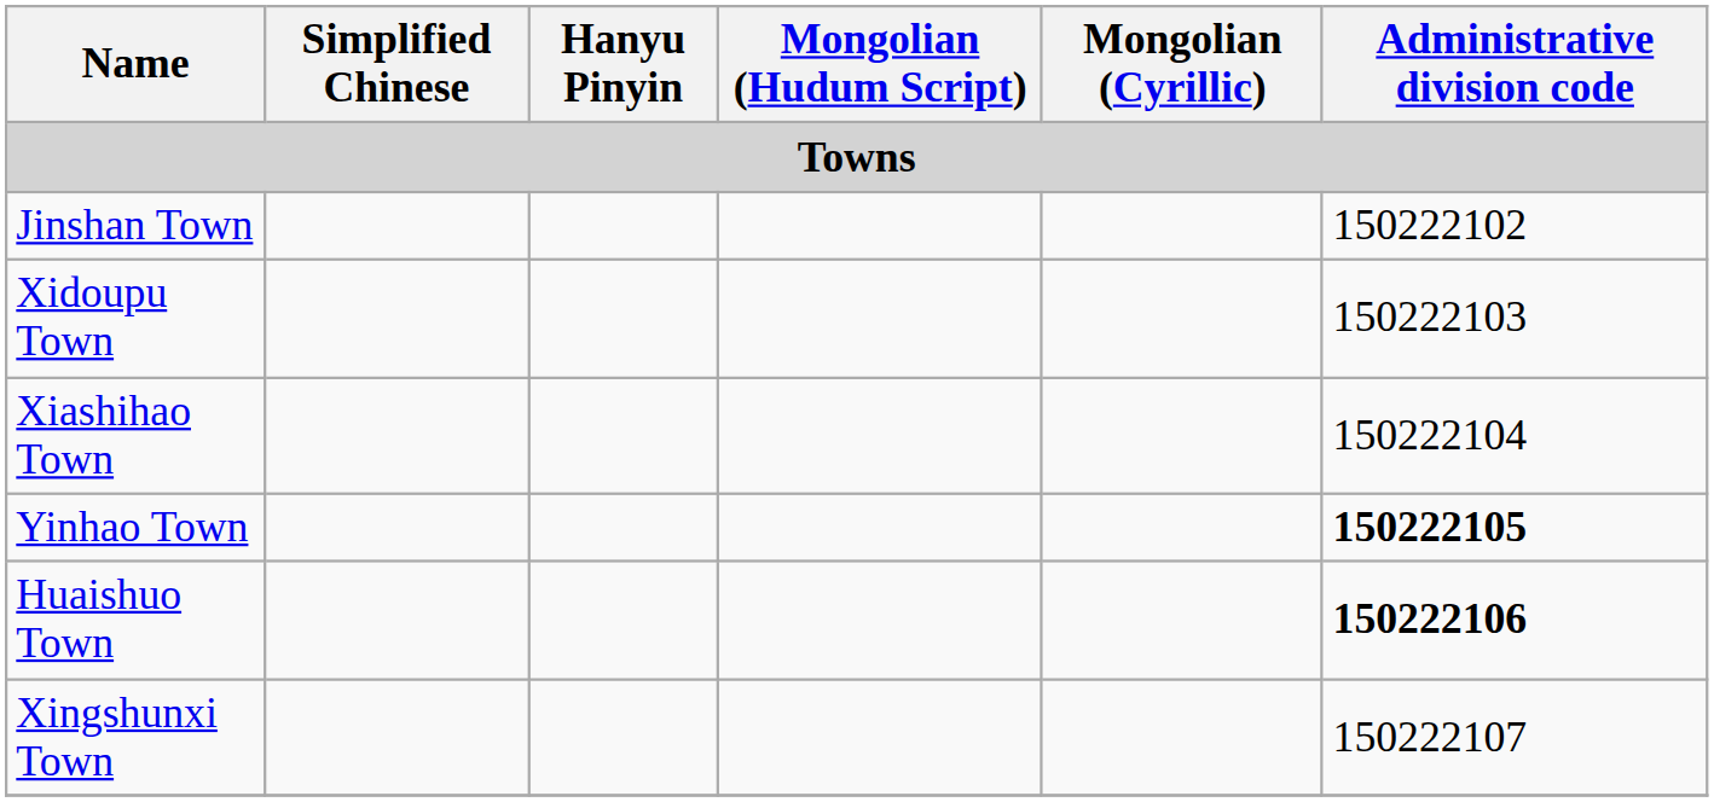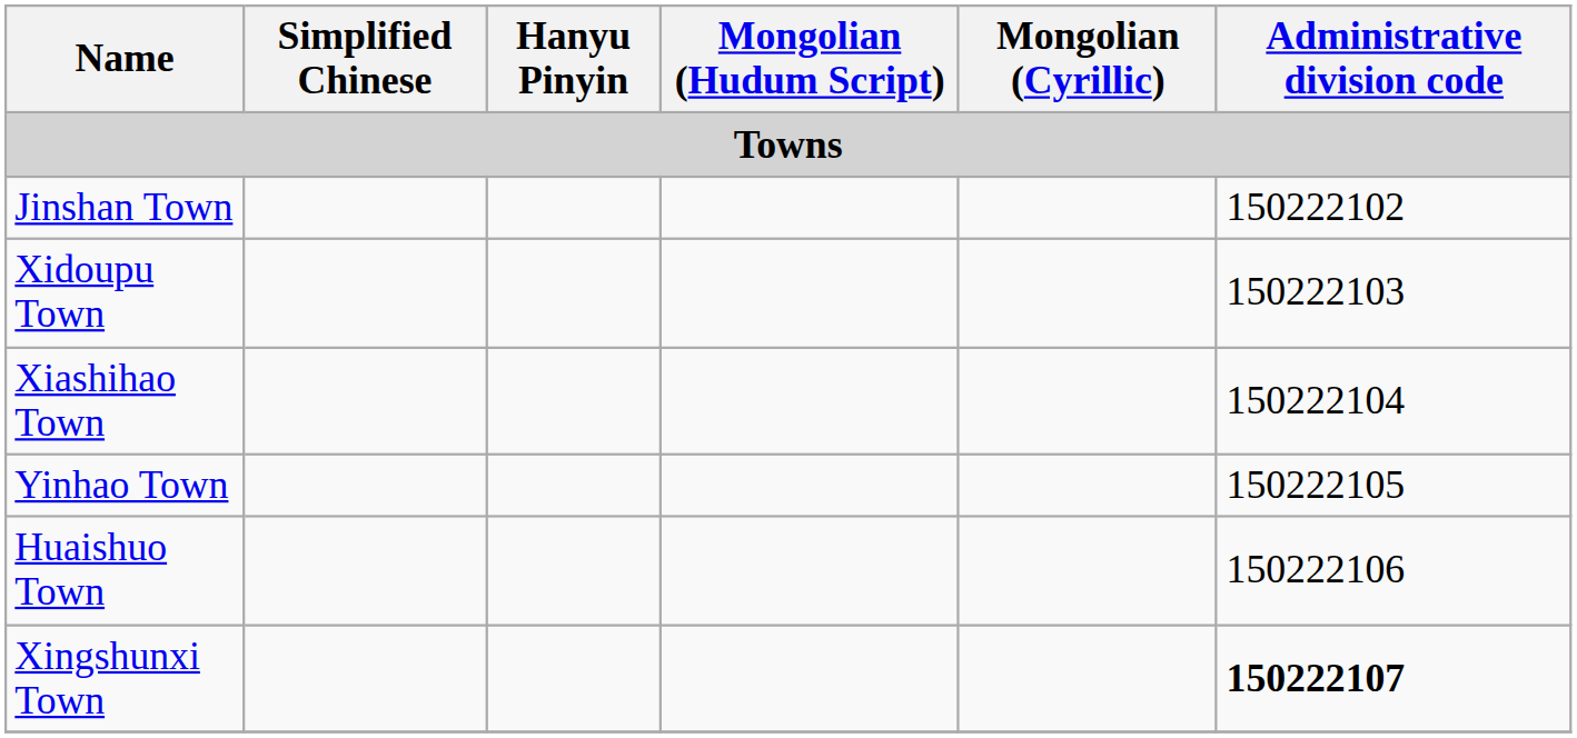 <table class="wikitable" align="center" style="width:50%; border="1">
 <tr>
 <th>Name</th>
 <th>Simplified Chinese</th>
 <th>Hanyu Pinyin</th>
 <th><a href='#'>Mongolian</a> (<a href='#'>Hudum Script</a>)</th>
 <th>Mongolian (<a href='#'>Cyrillic</a>)</th>
 <th><a href='#'>Administrative division code</a></th>
 </tr>
 <tr>
 <td colspan="6"  style="text-align:center; background:#d3d3d3;"><strong>Towns</strong></td>
 </tr>
 <tr --------->
 <td><a href='#'>Jinshan Town</a></td>
 <td></td>
 <td></td>
 <td></td>
 <td></td>
 <td>150222102</td>
 </tr>
 <tr>
 <td><a href='#'>Xidoupu Town</a></td>
 <td></td>
 <td></td>
 <td></td>
 <td></td>
 <td>150222103</td>
 </tr>
 <tr>
 <td><a href='#'>Xiashihao Town</a></td>
 <td></td>
 <td></td>
 <td></td>
 <td></td>
 <td>150222104</td>
 </tr>
 <tr>
 <td><a href='#'>Yinhao Town</a></td>
 <td></td>
 <td></td>
 <td></td>
 <td></td>
-<td><strong>150222105</strong></td>
+<td>150222105</td>
 </tr>
 <tr>
 <td><a href='#'>Huaishuo Town</a></td>
 <td></td>
 <td></td>
 <td></td>
 <td></td>
-<td><strong>150222106</strong></td>
+<td>150222106</td>
 </tr>
 <tr>
 <td><a href='#'>Xingshunxi Town</a></td>
 <td></td>
 <td></td>
 <td></td>
 <td></td>
-<td>150222107</td>
+<td><strong>150222107</strong></td>
 </tr>
 <tr>
 </tr>
 </table>
